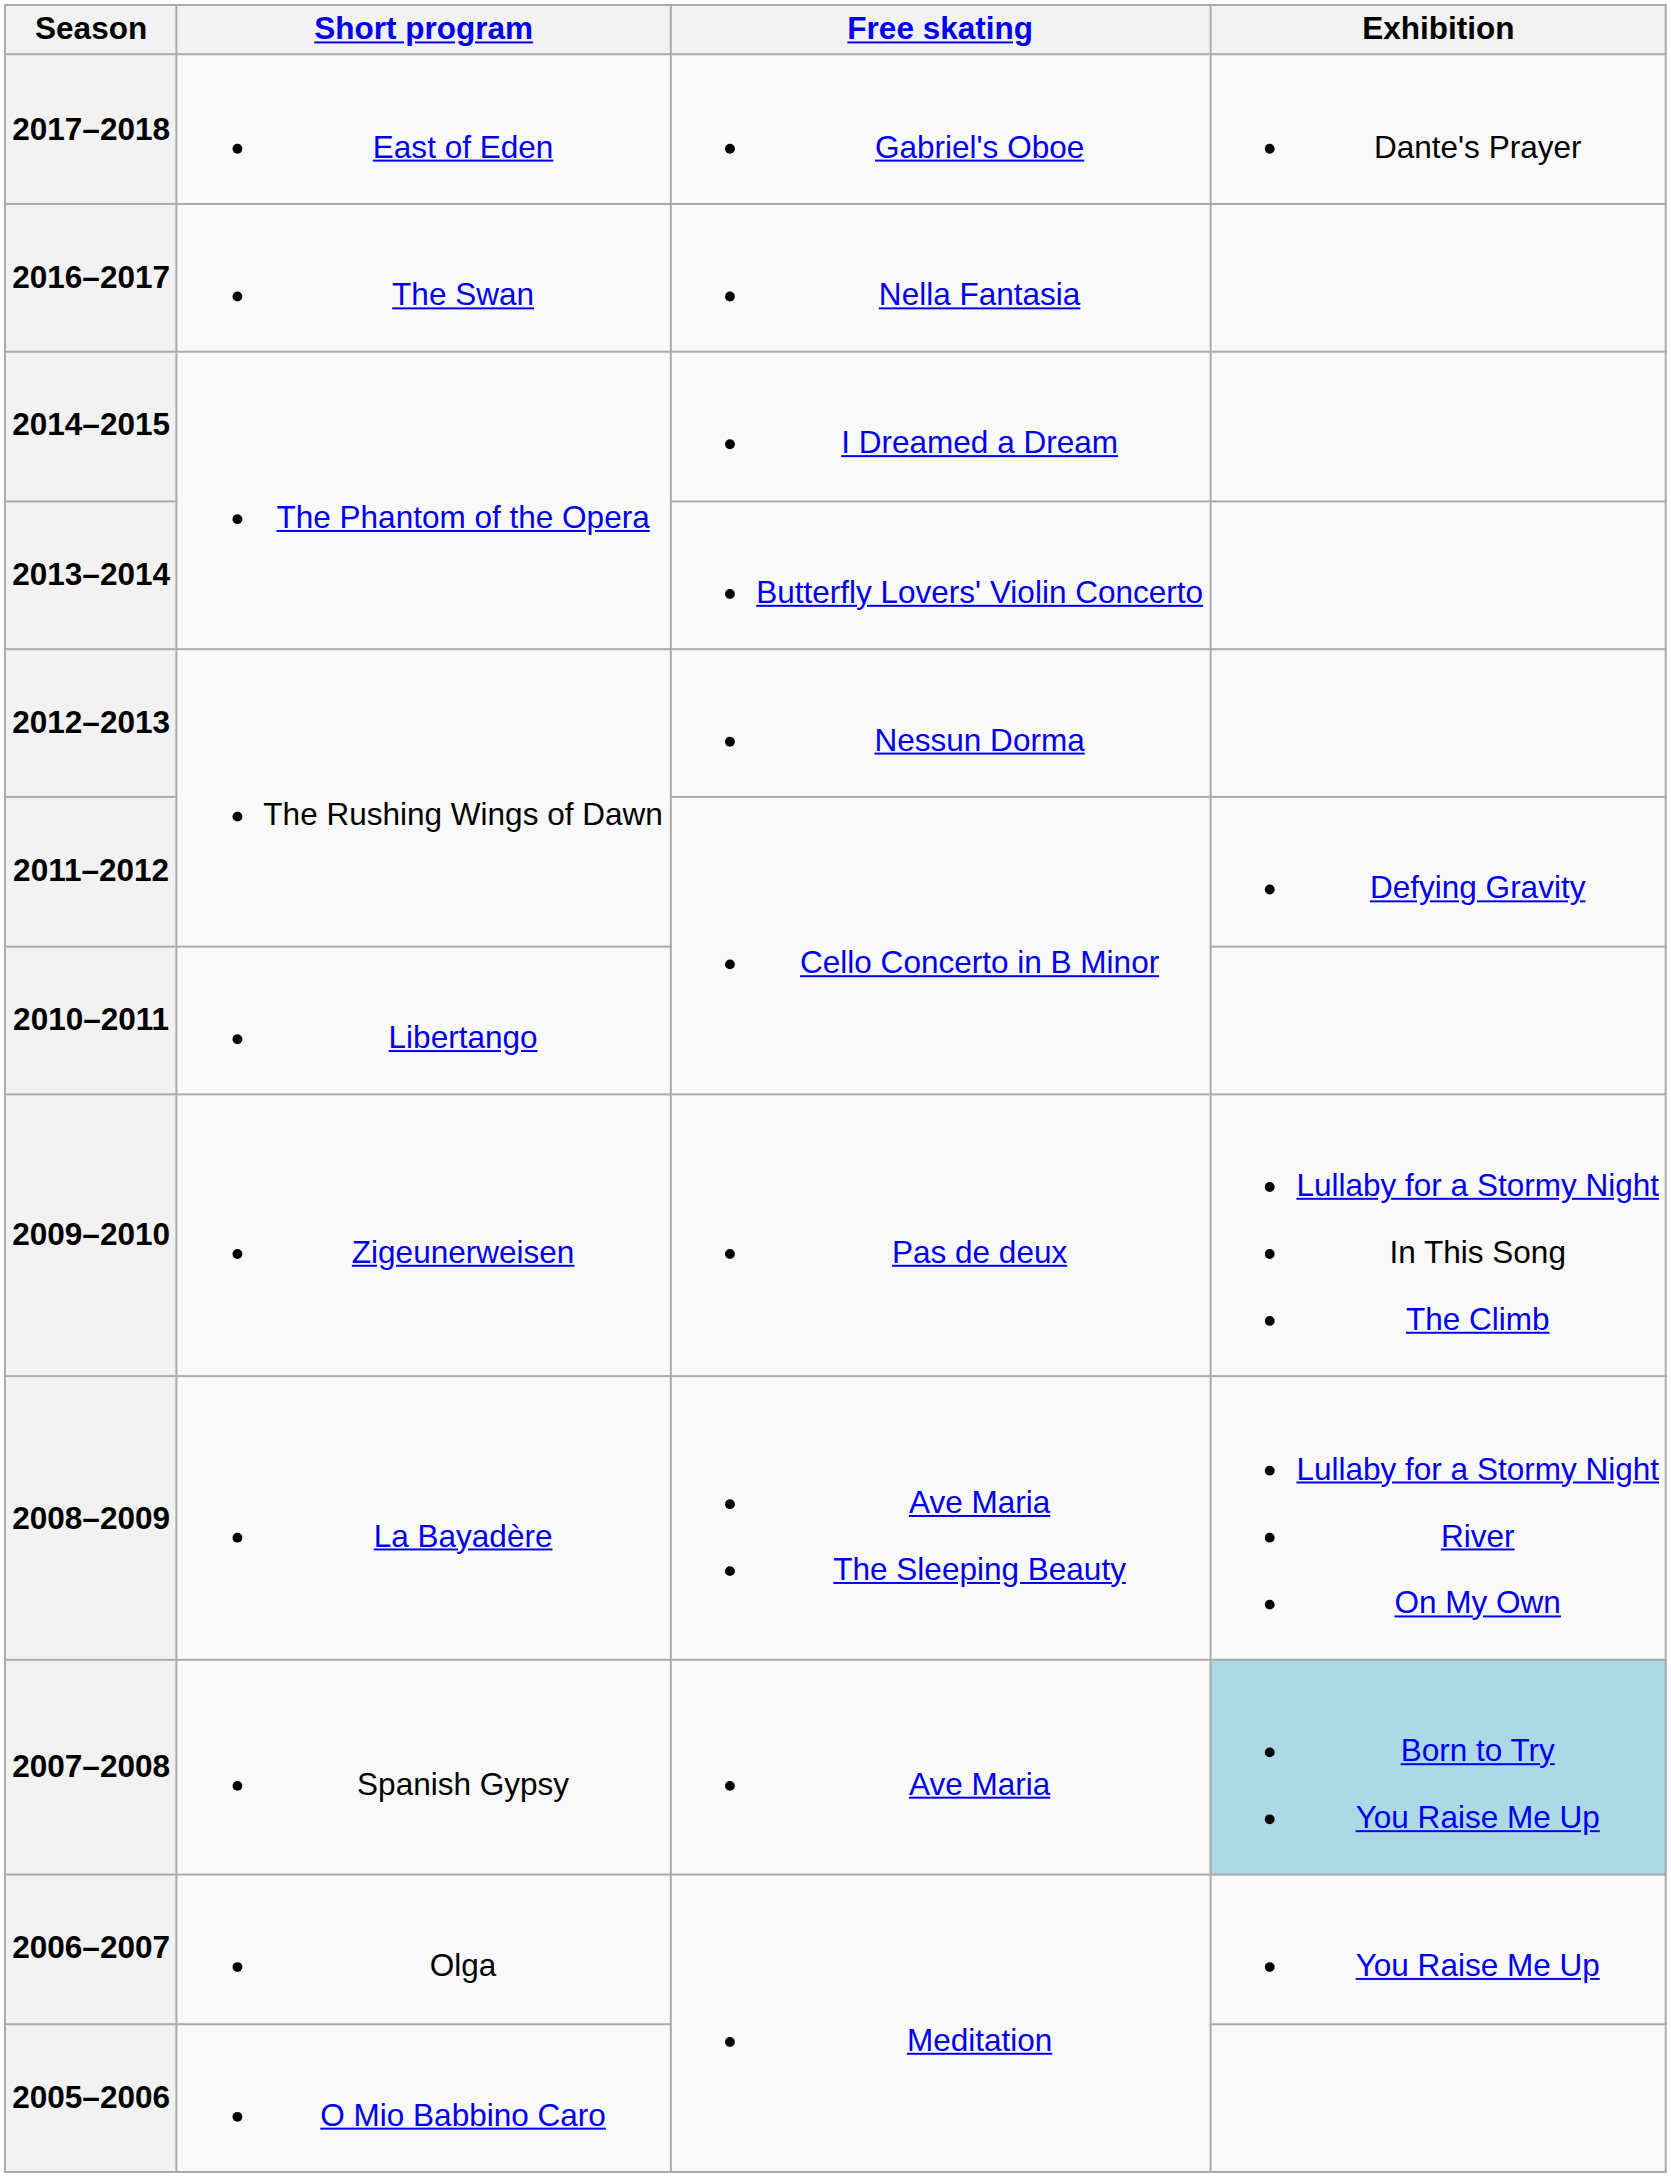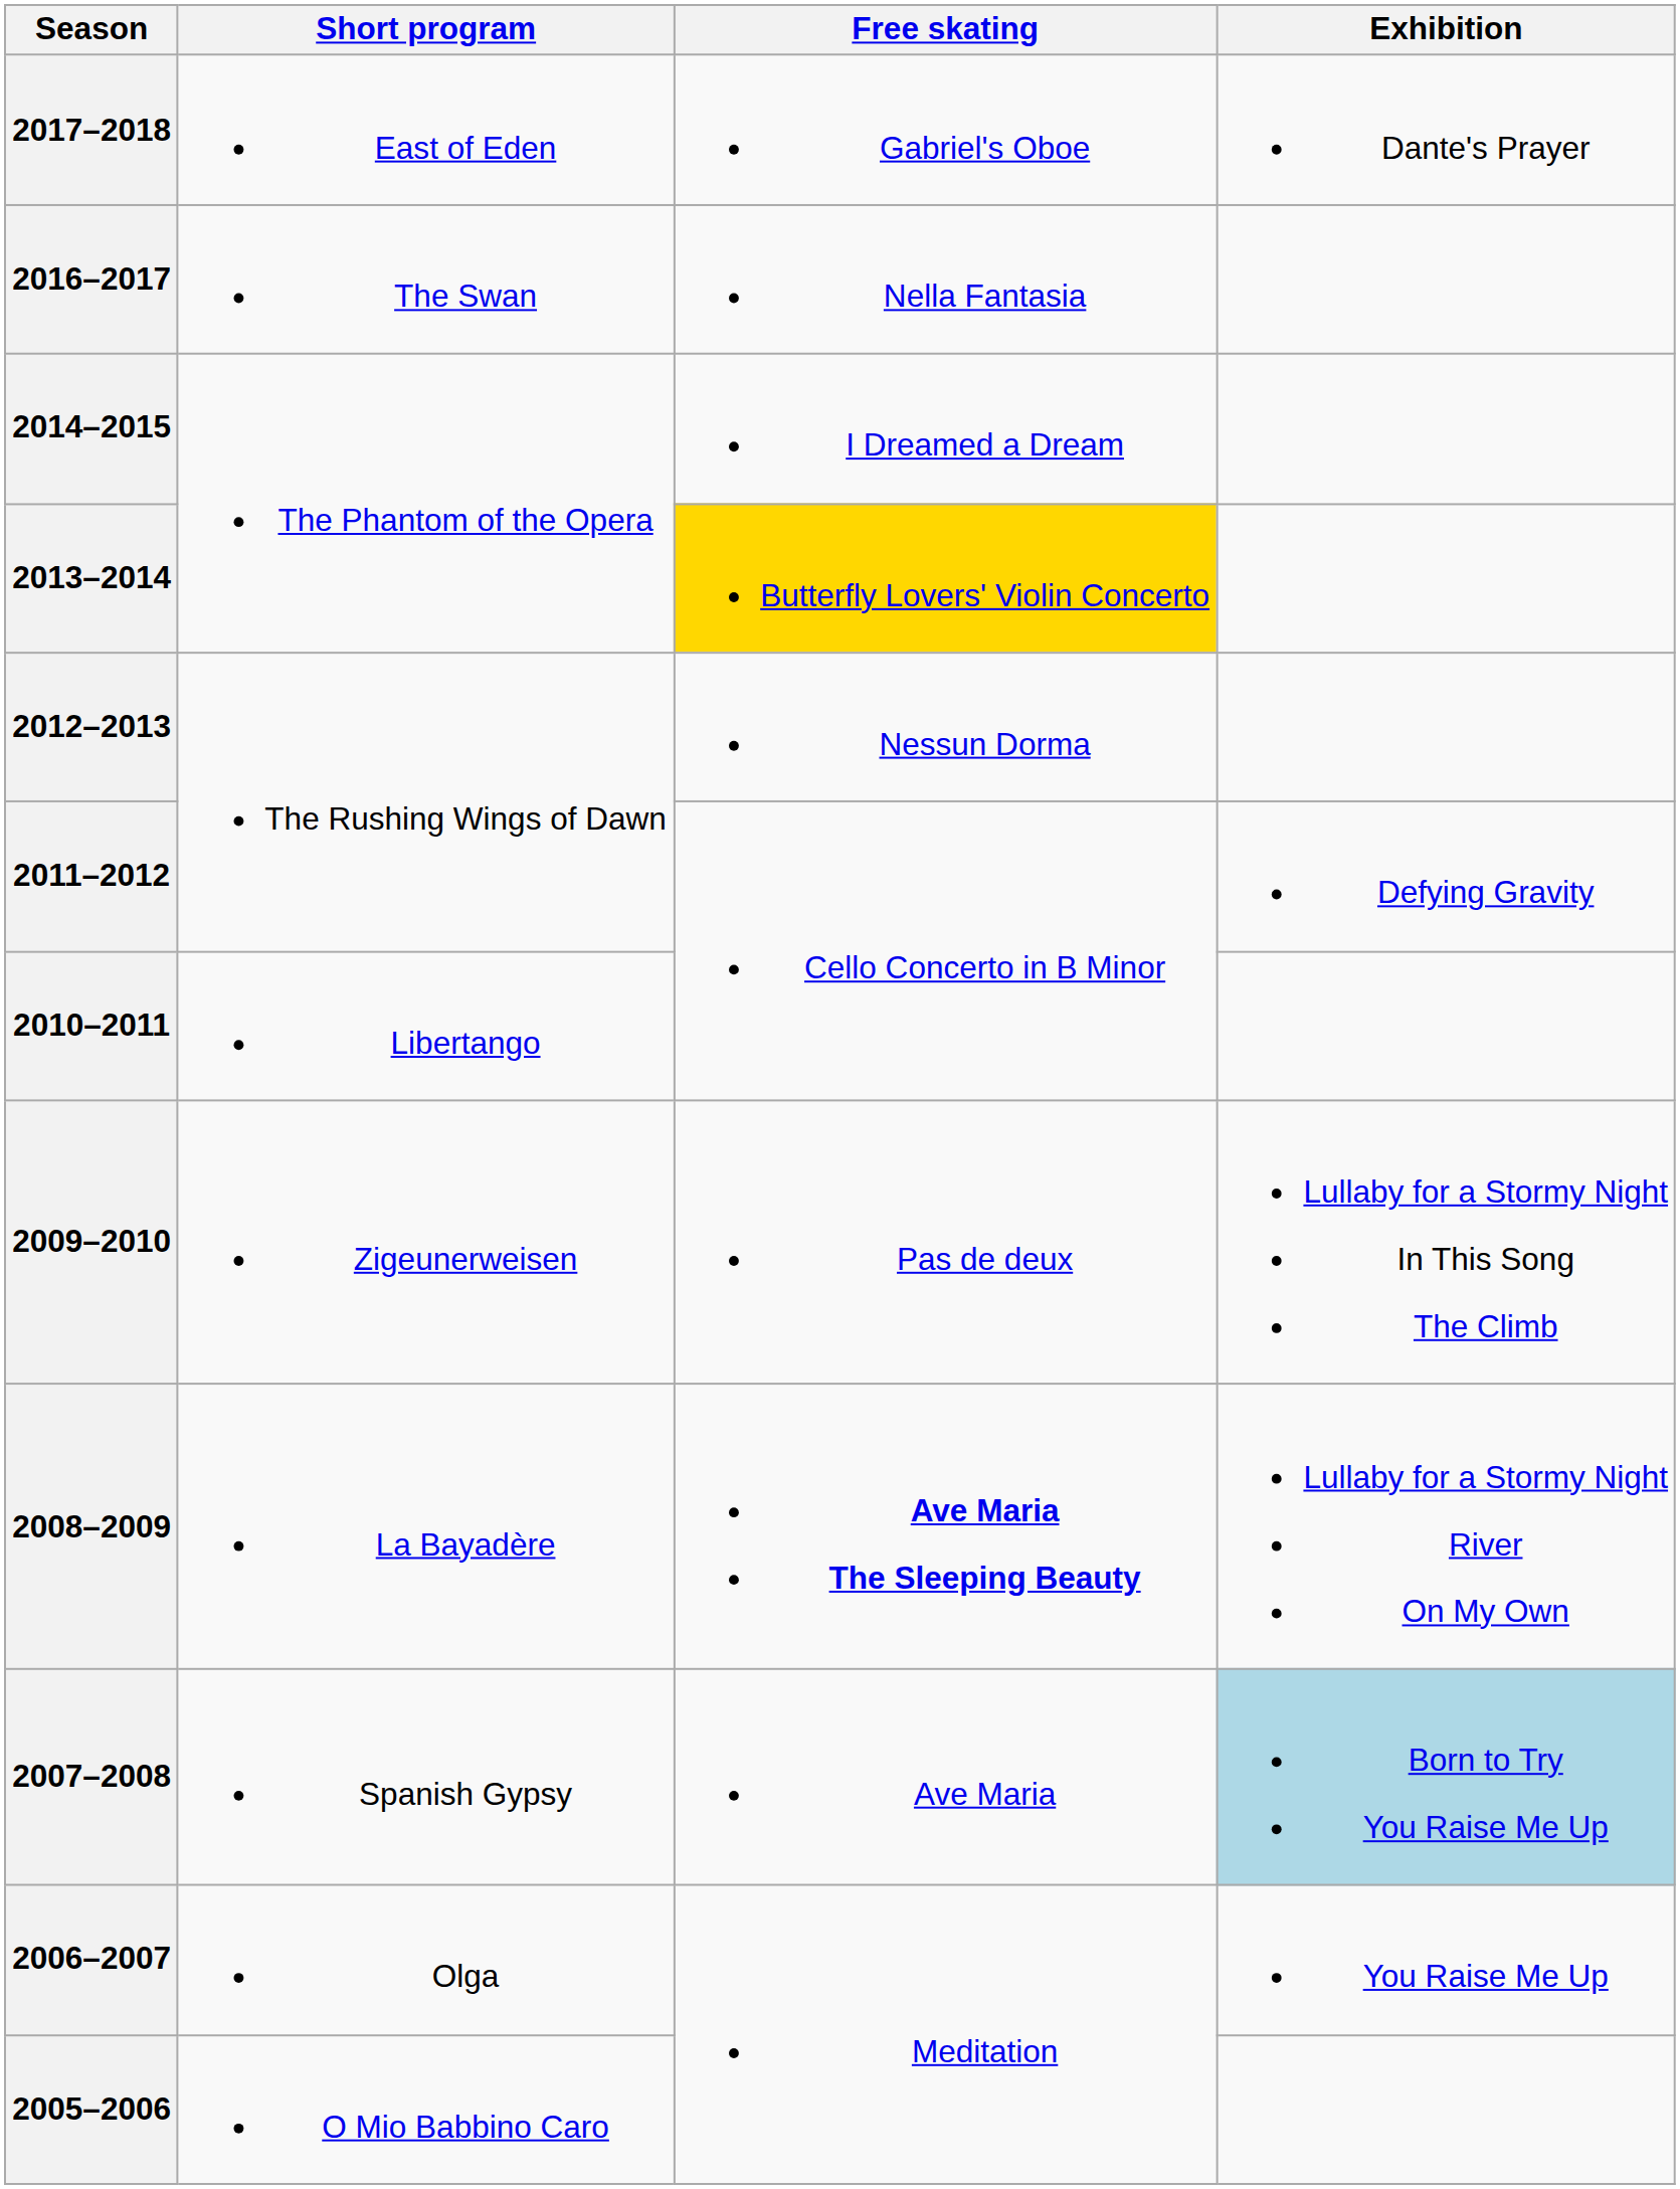 <table class="wikitable" style="text-align:center">
 <tr>
 <th>Season</th>
 <th><a href='#'>Short program</a></th>
 <th><a href='#'>Free skating</a></th>
 <th>Exhibition</th>
 </tr>
 <tr>
 <th>2017–2018</th>
 <td><br><ul><li><a href='#'>East of Eden</a><br></li></ul></td>
 <td><br><ul><li><a href='#'>Gabriel's Oboe</a> <br></li></ul></td>
 <td><br><ul><li>Dante's Prayer <br></li></ul></td>
 </tr>
 <tr>
 <th>2016–2017</th>
 <td><br><ul><li><a href='#'>The Swan</a> <br></li></ul></td>
 <td><br><ul><li><a href='#'>Nella Fantasia</a> <br></li></ul></td>
 <td></td>
 </tr>
 <tr>
 <th>2014–2015</th>
 <td rowspan=2><br><ul><li><a href='#'>The Phantom of the Opera</a> <br></li></ul></td>
 <td><br><ul><li><a href='#'>I Dreamed a Dream</a> <br></li></ul></td>
 <td></td>
 </tr>
 <tr>
 <th>2013–2014</th>
-<td><br><ul><li><a href='#'>Butterfly Lovers' Violin Concerto</a> <br></li></ul></td>
+<td style="background: gold;"><br><ul><li><a href='#'>Butterfly Lovers' Violin Concerto</a> <br></li></ul></td>
 <td></td>
 </tr>
 <tr>
 <th>2012–2013</th>
 <td rowspan=2><br><ul><li>The Rushing Wings of Dawn <br></li></ul></td>
 <td><br><ul><li><a href='#'>Nessun Dorma</a> <br></li></ul></td>
 <td></td>
 </tr>
 <tr>
 <th>2011–2012</th>
 <td rowspan=2><br><ul><li><a href='#'>Cello Concerto in B Minor</a> <br></li></ul></td>
 <td><br><ul><li><a href='#'>Defying Gravity</a> <br></li></ul></td>
 </tr>
 <tr>
 <th>2010–2011</th>
 <td><br><ul><li><a href='#'>Libertango</a> <br></li></ul></td>
 <td></td>
 </tr>
 <tr>
 <th>2009–2010</th>
 <td><br><ul><li><a href='#'>Zigeunerweisen</a> <br></li></ul></td>
 <td><br><ul><li><a href='#'>Pas de deux</a> <br></li></ul></td>
 <td><br><ul><li><a href='#'>Lullaby for a Stormy Night</a> <br></li></ul><ul><li>In This Song <br></li></ul><ul><li><a href='#'>The Climb</a> <br></li></ul></td>
 </tr>
 <tr>
 <th>2008–2009</th>
 <td><br><ul><li><a href='#'>La Bayadère</a> <br></li></ul></td>
-<td><br><ul><li><a href='#'>Ave Maria</a> <br></li></ul><ul><li><a href='#'>The Sleeping Beauty</a> <br></li></ul></td>
+<td><strong><br><ul><li><a href='#'>Ave Maria</a> <br></li></ul><ul><li><a href='#'>The Sleeping Beauty</a> <br></li></ul></strong></td>
 <td><br><ul><li><a href='#'>Lullaby for a Stormy Night</a> <br></li></ul><ul><li><a href='#'>River</a> <br></li></ul><ul><li><a href='#'>On My Own</a> <br></li></ul></td>
 </tr>
 <tr>
 <th>2007–2008</th>
 <td><br><ul><li>Spanish Gypsy <br> </li></ul></td>
 <td><br><ul><li><a href='#'>Ave Maria</a> <br> </li></ul></td>
 <td style="background: lightblue;"><br><ul><li><a href='#'>Born to Try</a> <br></li></ul><ul><li><a href='#'>You Raise Me Up</a> <br> </li></ul></td>
 </tr>
 <tr>
 <th>2006–2007</th>
 <td><br><ul><li>Olga <br></li></ul></td>
 <td rowspan=2><br><ul><li><a href='#'>Meditation</a> <br></li></ul></td>
 <td><br><ul><li><a href='#'>You Raise Me Up</a> <br></li></ul></td>
 </tr>
 <tr>
 <th>2005–2006</th>
 <td><br><ul><li><a href='#'>O Mio Babbino Caro</a> <br></li></ul></td>
 <td></td>
 </tr>
 </table>
